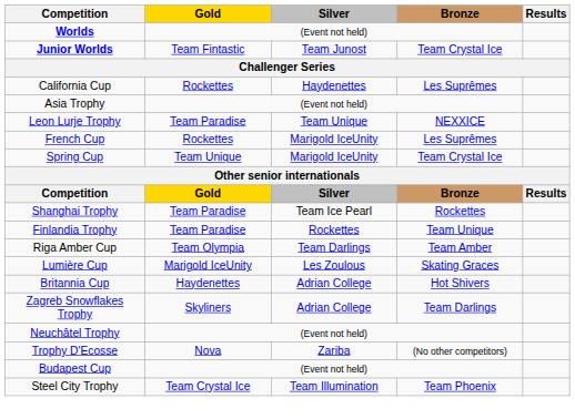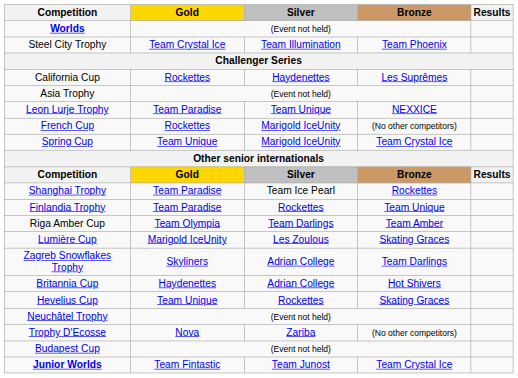 <table class="wikitable" style="text-align:center; width:90%;">
 <tr>
 <th scope="col" style="text-align:center; width:25%;">Competition</th>
 <td scope="col" style="text-align:center; width:22.5%; background:gold"><strong>Gold</strong></td>
 <td scope="col" style="text-align:center; width:22.5%; background:silver"><strong>Silver</strong></td>
 <td scope="col" style="text-align:center; width:22.5%; background:#c96"><strong>Bronze</strong></td>
 <th scope="col" style="text-align:center; width:7.5%;">Results</th>
 </tr>
 <tr>
 <td align="center"><strong><a href='#'>Worlds</a></strong></td>
 <td colspan="3"><small>(Event not held)</small></td>
 <td align="center"></td>
 </tr>
 <tr>
-<td align="center"><a href='#'><strong>Junior Worlds</strong></a></td>
-<td><a href='#'>Team Fintastic</a></td>
-<td><a href='#'>Team Junost</a></td>
+<td>Steel City Trophy</td>
 <td><a href='#'>Team Crystal Ice</a></td>
-<td align="center"></td>
+<td><a href='#'>Team Illumination</a></td>
+<td><a href='#'>Team Phoenix</a></td>
+<td></td>
 </tr>
 <tr>
 <th colspan="5">Challenger Series</th>
 </tr>
 <tr>
 <td>California Cup</td>
 <td><a href='#'>Rockettes</a></td>
 <td><a href='#'>Haydenettes</a></td>
 <td><a href='#'>Les Suprêmes</a></td>
 <td></td>
 </tr>
 <tr>
 <td>Asia Trophy</td>
 <td colspan="3"><small>(Event not held)</small></td>
 <td></td>
 </tr>
 <tr>
 <td><a href='#'>Leon Lurje Trophy</a></td>
 <td><a href='#'>Team Paradise</a></td>
 <td><a href='#'>Team Unique</a></td>
 <td><a href='#'>NEXXICE</a></td>
 <td></td>
 </tr>
 <tr>
 <td><a href='#'>French Cup</a></td>
 <td><a href='#'>Rockettes</a></td>
 <td><a href='#'>Marigold IceUnity</a></td>
-<td><a href='#'>Les Suprêmes</a></td>
+<td><small>(No other competitors)</small></td>
 <td></td>
 </tr>
 <tr>
 <td><a href='#'>Spring Cup</a></td>
 <td><a href='#'>Team Unique</a></td>
 <td><a href='#'>Marigold IceUnity</a></td>
 <td><a href='#'>Team Crystal Ice</a></td>
 <td></td>
 </tr>
 <tr>
 <th colspan="5">Other senior internationals</th>
 </tr>
 <tr>
 <th scope="col" style="text-align:center; width:25%;">Competition</th>
 <td scope="col" style="text-align:center; width:22.5%; background:gold"><strong>Gold</strong></td>
 <td scope="col" style="text-align:center; width:22.5%; background:silver"><strong>Silver</strong></td>
 <td scope="col" style="text-align:center; width:22.5%; background:#c96"><strong>Bronze</strong></td>
 <th scope="col" style="text-align:center; width:7.5%;">Results</th>
 </tr>
 <tr>
 <td><a href='#'>Shanghai Trophy</a></td>
 <td><a href='#'>Team Paradise</a></td>
 <td>Team Ice Pearl</td>
 <td><a href='#'>Rockettes</a></td>
 <td></td>
 </tr>
 <tr>
 <td align="center"><a href='#'>Finlandia Trophy</a></td>
 <td><a href='#'>Team Paradise</a></td>
 <td><a href='#'>Rockettes</a></td>
 <td><a href='#'>Team Unique</a></td>
 <td align="center"></td>
 </tr>
 <tr>
 <td align="center">Riga Amber Cup</td>
 <td><a href='#'>Team Olympia</a></td>
 <td><a href='#'>Team Darlings</a></td>
 <td><a href='#'>Team Amber</a></td>
 <td align="center"></td>
 </tr>
 <tr>
 <td><a href='#'>Lumière Cup</a></td>
 <td><a href='#'>Marigold IceUnity</a></td>
 <td><a href='#'>Les Zoulous</a></td>
 <td><a href='#'>Skating Graces</a></td>
 <td></td>
 </tr>
 <tr>
+<td><a href='#'>Zagreb Snowflakes Trophy</a></td>
+<td><a href='#'>Skyliners</a></td>
+<td><a href='#'>Adrian College</a></td>
+<td><a href='#'>Team Darlings</a></td>
+<td></td>
+</tr>
+<tr>
 <td><a href='#'>Britannia Cup</a></td>
 <td><a href='#'>Haydenettes</a></td>
 <td><a href='#'>Adrian College</a></td>
 <td><a href='#'>Hot Shivers</a></td>
 <td></td>
 </tr>
 <tr>
-<td><a href='#'>Zagreb Snowflakes Trophy</a></td>
-<td><a href='#'>Skyliners</a></td>
-<td><a href='#'>Adrian College</a></td>
-<td><a href='#'>Team Darlings</a></td>
+<td><a href='#'>Hevelius Cup</a></td>
+<td><a href='#'>Team Unique</a></td>
+<td><a href='#'>Rockettes</a></td>
+<td><a href='#'>Skating Graces</a></td>
 <td></td>
 </tr>
 <tr>
 <td><a href='#'>Neuchâtel Trophy</a></td>
 <td colspan="3"><small>(Event not held)</small></td>
 <td></td>
 </tr>
 <tr>
 <td><a href='#'>Trophy D'Ecosse</a></td>
 <td><a href='#'>Nova</a></td>
 <td><a href='#'>Zariba</a></td>
 <td><small>(No other competitors)</small></td>
 <td></td>
 </tr>
 <tr>
 <td><a href='#'>Budapest Cup</a></td>
 <td colspan="3"><small>(Event not held)</small></td>
 <td></td>
 </tr>
 <tr>
-<td>Steel City Trophy</td>
+<td align="center"><a href='#'><strong>Junior Worlds</strong></a></td>
+<td><a href='#'>Team Fintastic</a></td>
+<td><a href='#'>Team Junost</a></td>
 <td><a href='#'>Team Crystal Ice</a></td>
-<td><a href='#'>Team Illumination</a></td>
-<td><a href='#'>Team Phoenix</a></td>
-<td></td>
+<td align="center"></td>
 </tr>
 </table>
